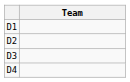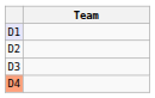 <table class="wikitable" style="display:inline-table;">
 <tr>
 <th></th>
 <th width=150>Team</th>
 </tr>
 <tr>
-<td align=center>D1</td>
+<td align=center style="background: lavender;">D1</td>
 <td></td>
 </tr>
 <tr>
 <td align=center>D2</td>
 <td></td>
 </tr>
 <tr>
 <td align=center>D3</td>
 <td></td>
 </tr>
 <tr>
-<td align=center>D4</td>
+<td align=center style="background: lightsalmon;">D4</td>
 <td></td>
 </tr>
 </table>
